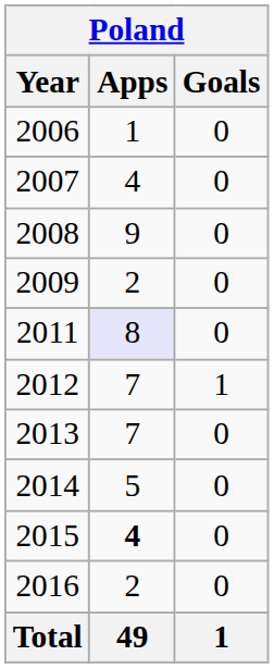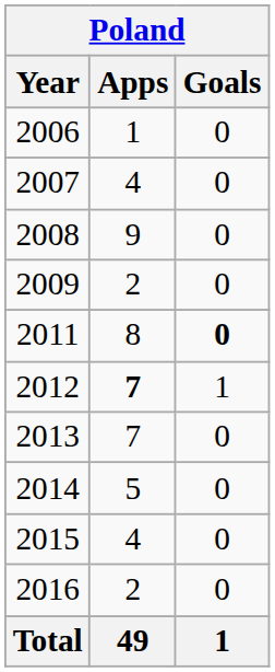 <table class="wikitable" style="text-align:center">
 <tr>
 <th colspan=3><a href='#'>Poland</a></th>
 </tr>
 <tr>
 <th>Year</th>
 <th>Apps</th>
 <th>Goals</th>
 </tr>
 <tr>
 <td>2006</td>
 <td>1</td>
 <td>0</td>
 </tr>
 <tr>
 <td>2007</td>
 <td>4</td>
 <td>0</td>
 </tr>
 <tr>
 <td>2008</td>
 <td>9</td>
 <td>0</td>
 </tr>
 <tr>
 <td>2009</td>
 <td>2</td>
 <td>0</td>
 </tr>
 <tr>
 <td>2011</td>
-<td style="background: lavender;">8</td>
-<td>0</td>
+<td>8</td>
+<td><strong>0</strong></td>
 </tr>
 <tr>
 <td>2012</td>
-<td>7</td>
+<td><strong>7</strong></td>
 <td>1</td>
 </tr>
 <tr>
 <td>2013</td>
 <td>7</td>
 <td>0</td>
 </tr>
 <tr>
 <td>2014</td>
 <td>5</td>
 <td>0</td>
 </tr>
 <tr>
 <td>2015</td>
-<td><strong>4</strong></td>
+<td>4</td>
 <td>0</td>
 </tr>
 <tr>
 <td>2016</td>
 <td>2</td>
 <td>0</td>
 </tr>
 <tr>
 <th>Total</th>
 <th>49</th>
 <th>1</th>
 </tr>
 </table>
